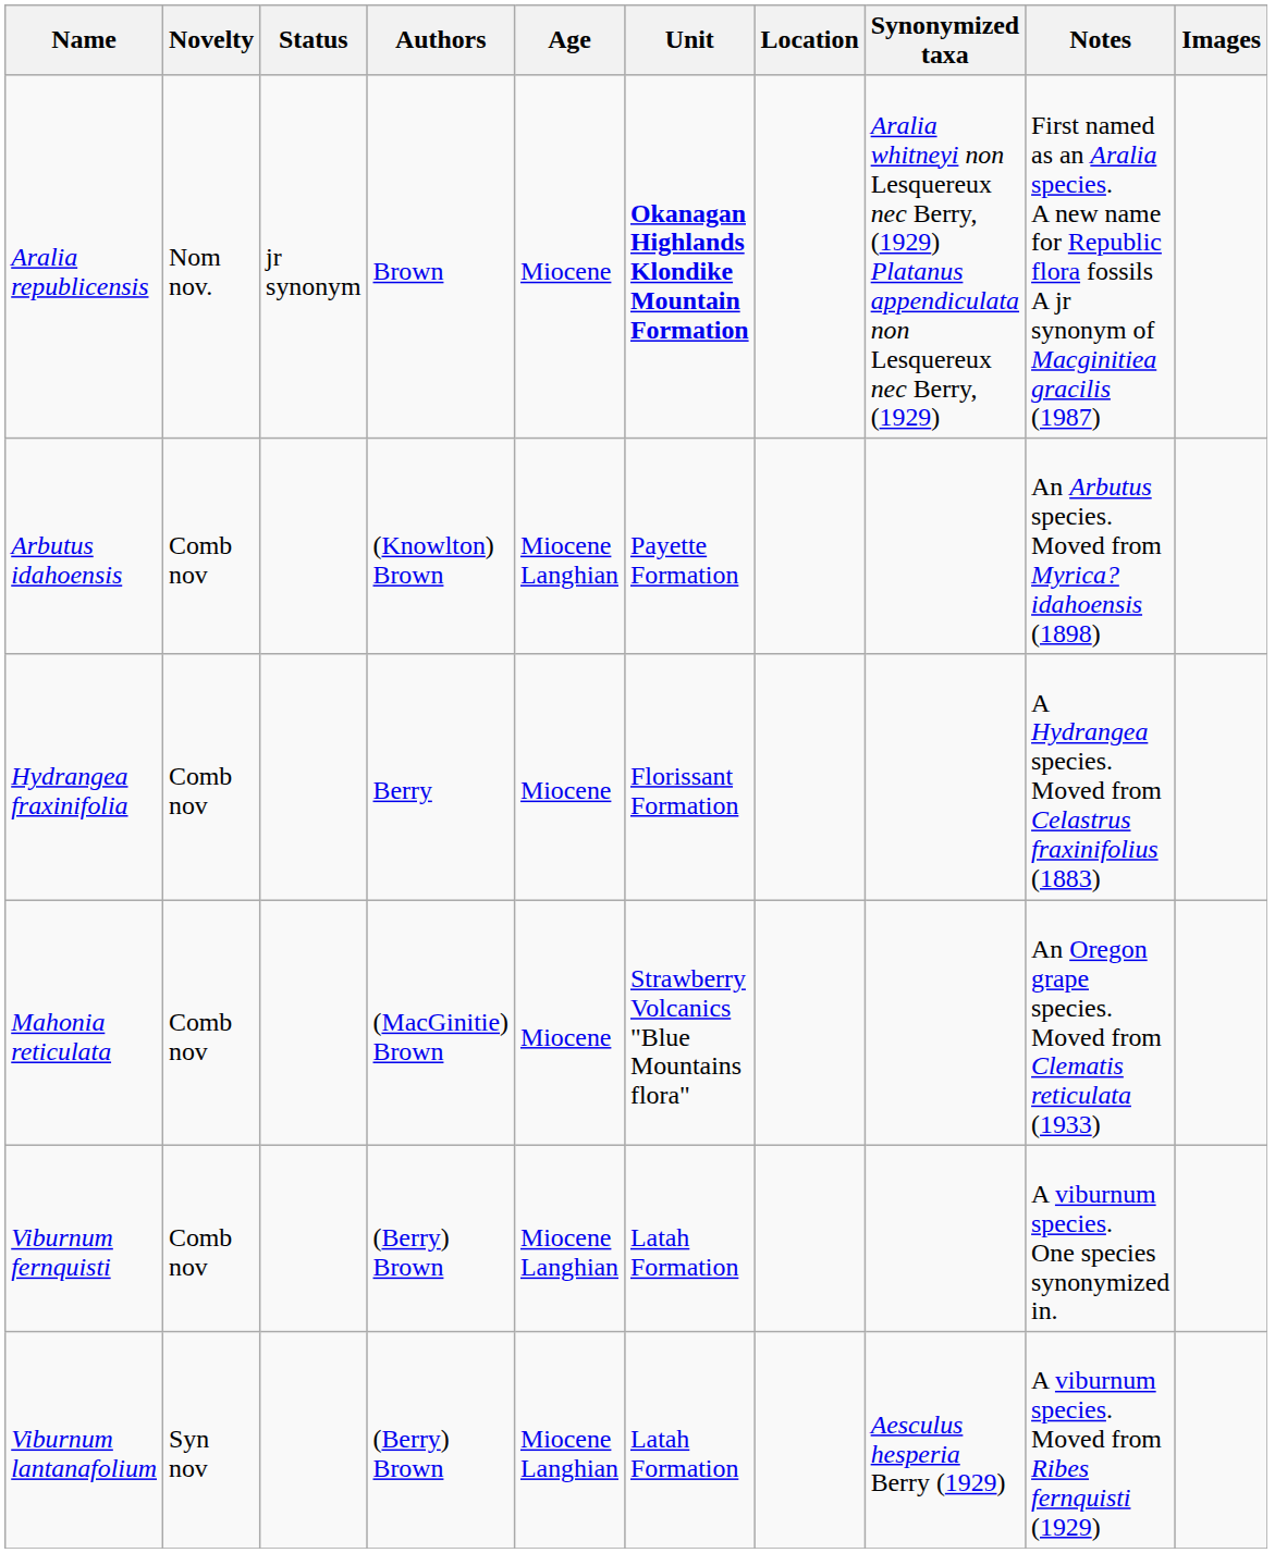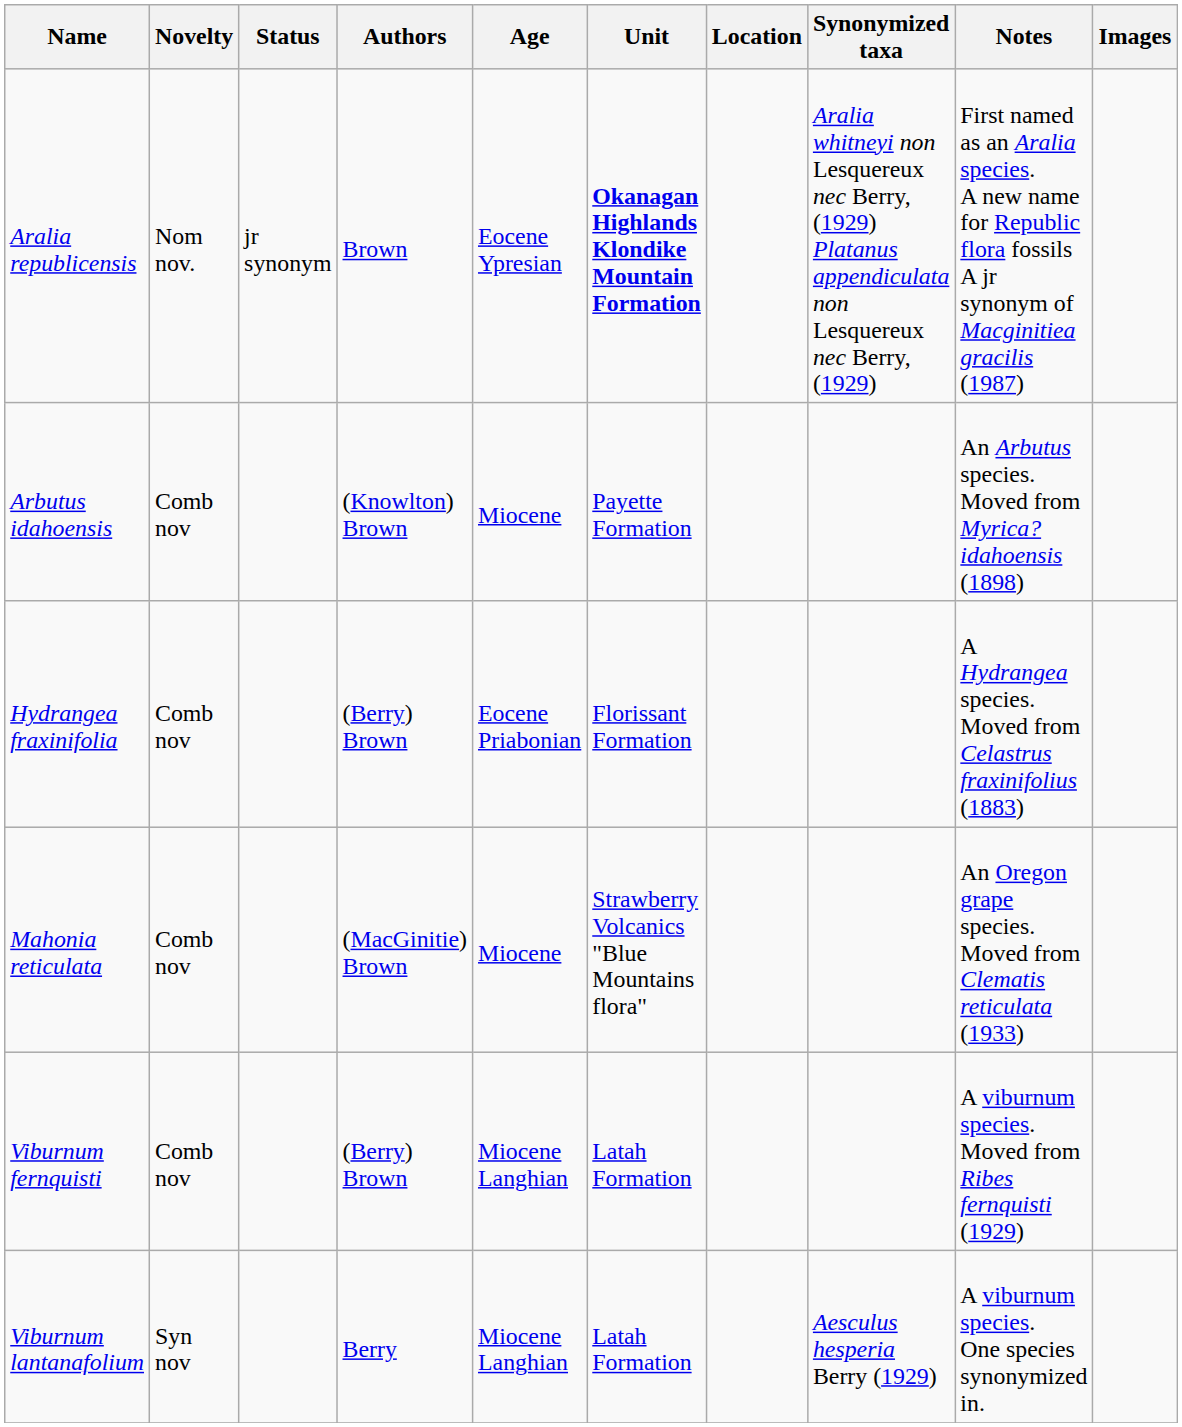 <table class="wikitable sortable" align="center" width="100%">
 <tr>
 <th>Name</th>
 <th>Novelty</th>
 <th>Status</th>
 <th>Authors</th>
 <th>Age</th>
 <th>Unit</th>
 <th>Location</th>
 <th>Synonymized taxa</th>
 <th>Notes</th>
 <th>Images</th>
 </tr>
 <tr>
 <td><br><em><a href='#'>Aralia republicensis</a></em></td>
 <td><br>Nom nov.</td>
 <td><br>jr synonym</td>
 <td><br><a href='#'>Brown</a></td>
-<td><br><a href='#'>Miocene</a></td>
+<td><br><a href='#'>Eocene</a><br><a href='#'>Ypresian</a></td>
 <td><strong><br><a href='#'>Okanagan Highlands</a><br><a href='#'>Klondike Mountain Formation</a></strong></td>
 <td><br><br></td>
 <td><br><em><a href='#'>Aralia whitneyi</a></em> <em>non</em> Lesquereux <em>nec</em> Berry, (<a href='#'>1929</a>)<br> <em><a href='#'>Platanus appendiculata</a></em> <em>non</em> Lesquereux <em>nec</em> Berry, (<a href='#'>1929</a>)</td>
 <td><br>First named as an <a href='#'><em>Aralia</em> species</a>.<br> A new name for <a href='#'>Republic flora</a> fossils<br>A jr synonym of <em><a href='#'>Macginitiea gracilis</a></em> (<a href='#'>1987</a>)</td>
 <td><br></td>
 </tr>
 <tr>
 <td><br><em><a href='#'>Arbutus idahoensis</a></em></td>
 <td><br>Comb nov</td>
 <td></td>
 <td><br>(<a href='#'>Knowlton</a>) <a href='#'>Brown</a></td>
-<td><br><a href='#'>Miocene</a><br><a href='#'>Langhian</a></td>
+<td><br><a href='#'>Miocene</a></td>
 <td><br><a href='#'>Payette Formation</a></td>
 <td><br><br></td>
 <td><br></td>
 <td><br>An <em><a href='#'>Arbutus</a></em> species.<br> Moved from <em><a href='#'>Myrica? idahoensis</a></em> (<a href='#'>1898</a>)</td>
 <td></td>
 </tr>
 <tr>
 <td><br><em><a href='#'>Hydrangea fraxinifolia</a></em></td>
 <td><br>Comb nov</td>
 <td></td>
-<td><br><a href='#'>Berry</a></td>
-<td><br><a href='#'>Miocene</a></td>
+<td><br>(<a href='#'>Berry</a>) <a href='#'>Brown</a></td>
+<td><br><a href='#'>Eocene</a><br><a href='#'>Priabonian</a></td>
 <td><br><a href='#'>Florissant Formation</a></td>
 <td><br><br></td>
 <td><br></td>
 <td><br>A <em><a href='#'>Hydrangea</a></em> species.<br> Moved from <em><a href='#'>Celastrus fraxinifolius</a></em> (<a href='#'>1883</a>)</td>
 <td></td>
 </tr>
 <tr>
 <td><br><em><a href='#'>Mahonia reticulata</a></em></td>
 <td><br>Comb nov</td>
 <td></td>
 <td><br>(<a href='#'>MacGinitie</a>) <a href='#'>Brown</a></td>
 <td><br><a href='#'>Miocene</a></td>
 <td><br><a href='#'>Strawberry Volcanics</a><br>"Blue Mountains flora"</td>
 <td><br><br></td>
 <td><br></td>
 <td><br>An <a href='#'>Oregon grape</a> species.<br>Moved from <em><a href='#'>Clematis reticulata</a></em> (<a href='#'>1933</a>)</td>
 <td></td>
 </tr>
 <tr>
 <td><br><em><a href='#'>Viburnum fernquisti</a></em></td>
 <td><br>Comb nov</td>
 <td></td>
 <td><br>(<a href='#'>Berry</a>) <a href='#'>Brown</a></td>
 <td><br><a href='#'>Miocene</a><br><a href='#'>Langhian</a></td>
 <td><br><a href='#'>Latah Formation</a></td>
 <td><br><br></td>
 <td></td>
-<td><br>A <a href='#'>viburnum species</a>.<br> One species synonymized in.</td>
+<td><br>A <a href='#'>viburnum species</a>.<br>Moved from <em><a href='#'>Ribes fernquisti</a></em> (<a href='#'>1929</a>)</td>
 <td></td>
 </tr>
 <tr>
 <td><br><em><a href='#'>Viburnum lantanafolium</a></em></td>
 <td><br>Syn nov</td>
 <td></td>
-<td><br>(<a href='#'>Berry</a>) <a href='#'>Brown</a></td>
+<td><br><a href='#'>Berry</a></td>
 <td><br><a href='#'>Miocene</a><br><a href='#'>Langhian</a></td>
 <td><br><a href='#'>Latah Formation</a></td>
 <td><br><br></td>
 <td><br><em><a href='#'>Aesculus hesperia</a></em> Berry (<a href='#'>1929</a>)<br></td>
-<td><br>A <a href='#'>viburnum species</a>.<br>Moved from <em><a href='#'>Ribes fernquisti</a></em> (<a href='#'>1929</a>)</td>
+<td><br>A <a href='#'>viburnum species</a>.<br> One species synonymized in.</td>
 <td></td>
 </tr>
 <tr>
 </tr>
 </table>
